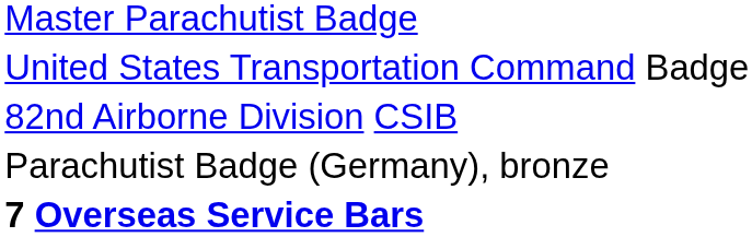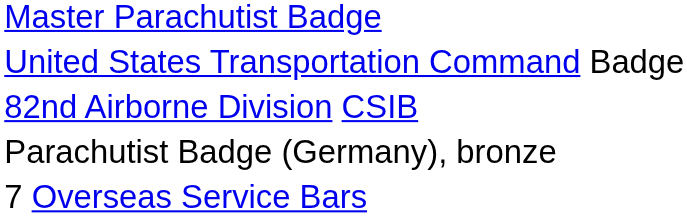 <table>
 <tr>
 <td> <a href='#'>Master Parachutist Badge</a></td>
 </tr>
 <tr>
 <td> <a href='#'>United States Transportation Command</a> Badge</td>
 </tr>
 <tr>
 <td> <a href='#'>82nd Airborne Division</a> <a href='#'>CSIB</a></td>
 </tr>
 <tr>
 <td> Parachutist Badge (Germany), bronze</td>
 </tr>
 <tr>
-<td><strong> 7 <a href='#'>Overseas Service Bars</a></strong></td>
+<td> 7 <a href='#'>Overseas Service Bars</a></td>
 </tr>
 </table>
